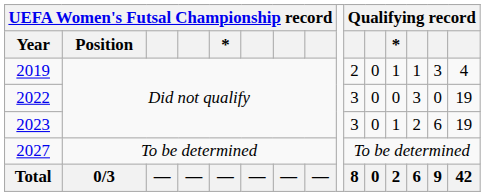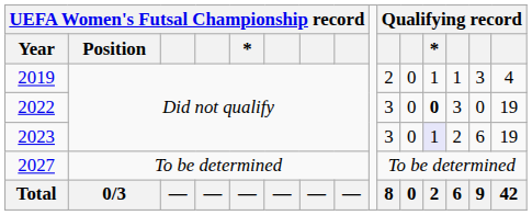 <table class="wikitable" style="text-align: center;">
 <tr>
 <th colspan="8"><a href='#'>UEFA Women's Futsal Championship</a> record</th>
 <td rowspan=17></td>
 <th colspan=6>Qualifying record</th>
 </tr>
 <tr>
 <th>Year</th>
 <th>Position</th>
 <th></th>
 <th></th>
 <th>*</th>
 <th></th>
 <th></th>
 <th></th>
 <th></th>
 <th></th>
 <th>*</th>
 <th></th>
 <th></th>
 <th></th>
 </tr>
 <tr>
 <td> <a href='#'>2019</a></td>
 <td colspan="7" rowspan="3"><em>Did not qualify</em></td>
 <td>2</td>
 <td>0</td>
 <td>1</td>
 <td>1</td>
 <td>3</td>
 <td>4</td>
 </tr>
 <tr>
 <td> <a href='#'>2022</a></td>
 <td>3</td>
 <td>0</td>
-<td>0</td>
+<td><strong>0</strong></td>
 <td>3</td>
 <td>0</td>
 <td>19</td>
 </tr>
 <tr>
 <td> <a href='#'>2023</a></td>
 <td>3</td>
 <td>0</td>
-<td>1</td>
+<td style="background: lavender;">1</td>
 <td>2</td>
 <td>6</td>
 <td>19</td>
 </tr>
 <tr>
 <td> <a href='#'>2027</a></td>
 <td colspan="7"><em>To be determined</em></td>
 <td colspan=6><em>To be determined</em></td>
 </tr>
 <tr>
 <th>Total</th>
 <th>0/3</th>
 <th>—</th>
 <th>—</th>
 <th>—</th>
 <th>—</th>
 <th>—</th>
 <th>—</th>
 <th>8</th>
 <th>0</th>
 <th>2</th>
 <th>6</th>
 <th>9</th>
 <th>42</th>
 </tr>
 </table>
